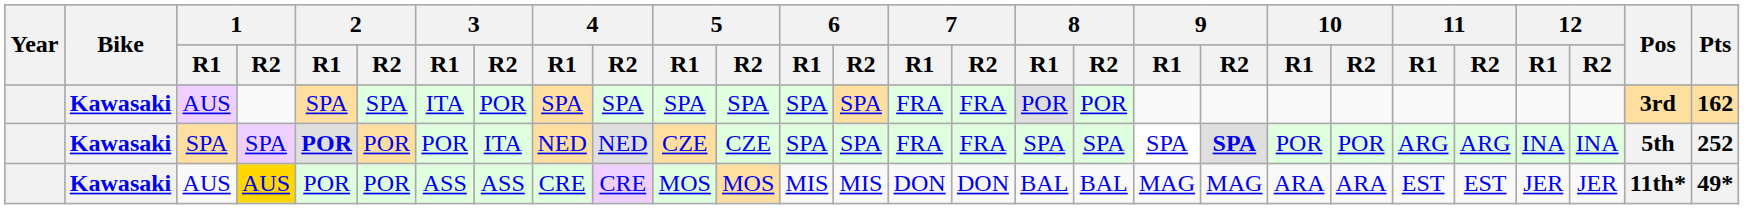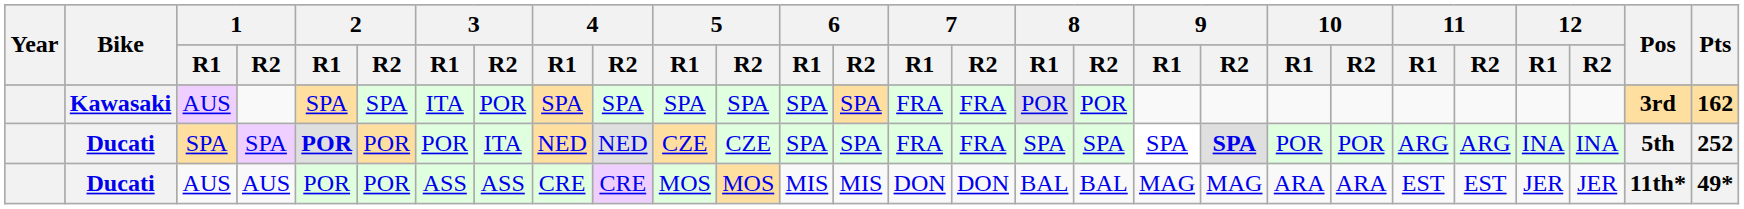 <table class="wikitable" style="text-align:center; font-size:90%;">
 <tr>
 <th rowspan="2">Year</th>
 <th rowspan="2">Bike</th>
 <th colspan="2">1</th>
 <th colspan="2">2</th>
 <th colspan="2">3</th>
 <th colspan="2">4</th>
 <th colspan="2">5</th>
 <th colspan="2">6</th>
 <th colspan="2">7</th>
 <th colspan="2">8</th>
 <th colspan="2">9</th>
 <th colspan="2">10</th>
 <th colspan="2">11</th>
 <th colspan="2">12</th>
 <th rowspan="2">Pos</th>
 <th rowspan="2">Pts</th>
 </tr>
 <tr>
 <th>R1</th>
 <th>R2</th>
 <th>R1</th>
 <th>R2</th>
 <th>R1</th>
 <th>R2</th>
 <th>R1</th>
 <th>R2</th>
 <th>R1</th>
 <th>R2</th>
 <th>R1</th>
 <th>R2</th>
 <th>R1</th>
 <th>R2</th>
 <th>R1</th>
 <th>R2</th>
 <th>R1</th>
 <th>R2</th>
 <th>R1</th>
 <th>R2</th>
 <th>R1</th>
 <th>R2</th>
 <th>R1</th>
 <th>R2</th>
 </tr>
 <tr>
 <th></th>
 <th><a href='#'>Kawasaki</a></th>
 <td style="background:#efcfff;"><a href='#'>AUS</a><br></td>
 <td></td>
 <td style="background:#ffdf9f;"><a href='#'>SPA</a><br></td>
 <td style="background:#dfffdf;"><a href='#'>SPA</a><br></td>
 <td style="background:#dfffdf;"><a href='#'>ITA</a><br></td>
 <td style="background:#dfffdf;"><a href='#'>POR</a><br></td>
 <td style="background:#ffdf9f;"><a href='#'>SPA</a><br></td>
 <td style="background:#dfffdf;"><a href='#'>SPA</a><br></td>
 <td style="background:#dfffdf;"><a href='#'>SPA</a><br></td>
 <td style="background:#dfffdf;"><a href='#'>SPA</a><br></td>
 <td style="background:#dfffdf;"><a href='#'>SPA</a><br></td>
 <td style="background:#ffdf9f;"><a href='#'>SPA</a><br></td>
 <td style="background:#dfffdf;"><a href='#'>FRA</a><br></td>
 <td style="background:#dfffdf;"><a href='#'>FRA</a><br></td>
 <td style="background:#dfdfdf;"><a href='#'>POR</a><br></td>
 <td style="background:#dfffdf;"><a href='#'>POR</a><br></td>
 <td></td>
 <td></td>
 <td></td>
 <td></td>
 <td></td>
 <td></td>
 <td></td>
 <td></td>
 <th style="background:#ffdf9f;">3rd</th>
 <th style="background:#ffdf9f;">162</th>
 </tr>
 <tr>
 <th></th>
-<th><a href='#'>Kawasaki</a></th>
+<th><a href='#'>Ducati</a></th>
 <td style="background:#ffdf9f;"><a href='#'>SPA</a><br></td>
 <td style="background:#efcfff;"><a href='#'>SPA</a><br></td>
 <td style="background:#dfdfdf;"><strong><a href='#'>POR</a><br></strong></td>
 <td style="background:#ffdf9f;"><a href='#'>POR</a><br></td>
 <td style="background:#dfffdf;"><a href='#'>POR</a><br></td>
 <td style="background:#dfffdf;"><a href='#'>ITA</a><br></td>
 <td style="background:#ffdf9f;"><a href='#'>NED</a><br></td>
 <td style="background:#dfdfdf;"><a href='#'>NED</a><br></td>
 <td style="background:#ffdf9f;"><a href='#'>CZE</a><br></td>
 <td style="background:#dfffdf;"><a href='#'>CZE</a><br></td>
 <td style="background:#dfffdf;"><a href='#'>SPA</a><br></td>
 <td style="background:#dfffdf;"><a href='#'>SPA</a><br></td>
 <td style="background:#dfffdf;"><a href='#'>FRA</a><br></td>
 <td style="background:#dfffdf;"><a href='#'>FRA</a><br></td>
 <td style="background:#dfffdf;"><a href='#'>SPA</a><br></td>
 <td style="background:#dfffdf;"><a href='#'>SPA</a><br></td>
 <td style="background:#ffffff;"><a href='#'>SPA</a><br></td>
 <td style="background:#dfdfdf;"><strong><a href='#'>SPA</a></strong><br></td>
 <td style="background:#dfffdf;"><a href='#'>POR</a><br></td>
 <td style="background:#dfffdf;"><a href='#'>POR</a><br></td>
 <td style="background:#dfffdf;"><a href='#'>ARG</a><br></td>
 <td style="background:#dfffdf;"><a href='#'>ARG</a><br></td>
 <td style="background:#dfffdf;"><a href='#'>INA</a><br></td>
 <td style="background:#dfffdf;"><a href='#'>INA</a><br></td>
 <th>5th</th>
 <th>252</th>
 </tr>
 <tr>
 <th></th>
-<th><a href='#'>Kawasaki</a></th>
+<th><a href='#'>Ducati</a></th>
 <td><a href='#'>AUS</a></td>
-<td style="background: gold;"><a href='#'>AUS</a></td>
+<td><a href='#'>AUS</a></td>
 <td style="background:#DFFFDF;"><a href='#'>POR</a><br></td>
 <td style="background:#DFFFDF;"><a href='#'>POR</a><br></td>
 <td style="background:#DFFFDF;"><a href='#'>ASS</a><br></td>
 <td style="background:#DFFFDF;"><a href='#'>ASS</a><br></td>
 <td style="background:#DFFFDF;"><a href='#'>CRE</a><br></td>
 <td style="background:#EFCFFF;"><a href='#'>CRE</a><br></td>
 <td style="background:#DFFFDF;"><a href='#'>MOS</a><br></td>
 <td style="background:#FFDF9F;"><a href='#'>MOS</a><br></td>
 <td style="background:#;"><a href='#'>MIS</a><br></td>
 <td style="background:#;"><a href='#'>MIS</a><br></td>
 <td style="background:#;"><a href='#'>DON</a><br></td>
 <td style="background:#;"><a href='#'>DON</a><br></td>
 <td style="background:#;"><a href='#'>BAL</a><br></td>
 <td style="background:#;"><a href='#'>BAL</a><br></td>
 <td style="background:#;"><a href='#'>MAG</a><br></td>
 <td style="background:#;"><a href='#'>MAG</a><br></td>
 <td style="background:#;"><a href='#'>ARA</a><br></td>
 <td style="background:#;"><a href='#'>ARA</a><br></td>
 <td style="background:#;"><a href='#'>EST</a><br></td>
 <td style="background:#;"><a href='#'>EST</a><br></td>
 <td style="background:#;"><a href='#'>JER</a><br></td>
 <td style="background:#;"><a href='#'>JER</a><br></td>
 <th>11th*</th>
 <th>49*</th>
 </tr>
 </table>
